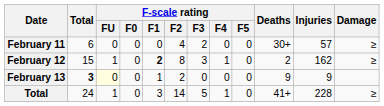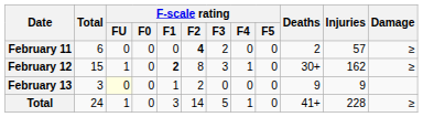 <table class="wikitable sortable" style="margin: 1em auto 1em auto;">
 <tr>
 <th scope="col" rowspan="2">Date</th>
 <th scope="col" rowspan="2" align="center">Total</th>
 <th scope="col" colspan="7" align="center"><a href='#'>F-scale</a> rating</th>
 <th scope="col" rowspan="2" align="center">Deaths</th>
 <th scope="col" rowspan="2" align="center">Injuries</th>
 <th scope="col" rowspan="2" align="center">Damage</th>
 </tr>
 <tr>
 <th scope="col" align="center"> FU </th>
 <th scope="col" align="center"> F0 </th>
 <th scope="col" align="center"> F1 </th>
 <th scope="col" align="center"> F2 </th>
 <th scope="col" align="center"> F3 </th>
 <th scope="col" align="center"> F4 </th>
 <th scope="col" align="center"> F5 </th>
 </tr>
 <tr>
 <th scope="row">February 11</th>
 <td align="right">6</td>
 <td align="right">0</td>
 <td align="right">0</td>
 <td align="right">0</td>
-<td align="right">4</td>
+<td align="right"><strong>4</strong></td>
 <td align="right">2</td>
 <td align="right">0</td>
 <td align="right">0</td>
-<td align="right">30+</td>
+<td align="right">2</td>
 <td align="right">57</td>
 <td align="right">≥</td>
 </tr>
 <tr>
 <th scope="row">February 12</th>
 <td align="right">15</td>
 <td align="right">1</td>
 <td align="right">0</td>
 <td align="right"><strong>2</strong></td>
 <td align="right">8</td>
 <td align="right">3</td>
 <td align="right">1</td>
 <td align="right">0</td>
-<td align="right">2</td>
+<td align="right">30+</td>
 <td align="right">162</td>
 <td align="right">≥</td>
 </tr>
 <tr>
 <th scope="row">February 13</th>
-<td align="right"><strong>3</strong></td>
+<td align="right">3</td>
 <td align="right" style="background: lightyellow;">0</td>
 <td align="right">0</td>
 <td align="right">1</td>
 <td align="right">2</td>
 <td align="right">0</td>
 <td align="right">0</td>
 <td align="right">0</td>
 <td align="right">9</td>
 <td align="right">9</td>
 <td align="right"></td>
 </tr>
 <tr class="sortbottom">
 <th scope="row">Total</th>
 <td align="right">24</td>
 <td align="right">1</td>
 <td align="right">0</td>
 <td align="right">3</td>
 <td align="right">14</td>
 <td align="right">5</td>
 <td align="right">1</td>
 <td align="right">0</td>
 <td align="right">41+</td>
 <td align="right">228</td>
 <td align="right">≥</td>
 </tr>
 </table>
